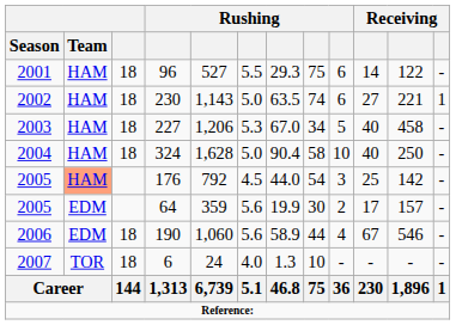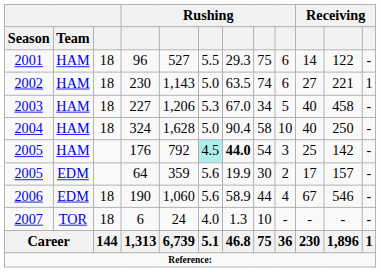 <table class="wikitable" style="text-align:center">
 <tr>
 <th colspan="3"> </th>
 <th colspan="6">Rushing</th>
 <th colspan="3">Receiving</th>
 </tr>
 <tr>
 <th>Season</th>
 <th>Team</th>
 <th></th>
 <th></th>
 <th></th>
 <th></th>
 <th></th>
 <th></th>
 <th></th>
 <th></th>
 <th></th>
 <th></th>
 </tr>
 <tr>
 <td><a href='#'>2001</a></td>
 <td><a href='#'>HAM</a></td>
 <td>18</td>
 <td>96</td>
 <td>527</td>
 <td>5.5</td>
 <td>29.3</td>
 <td>75</td>
 <td>6</td>
 <td>14</td>
 <td>122</td>
 <td>-</td>
 </tr>
 <tr>
 <td><a href='#'>2002</a></td>
 <td><a href='#'>HAM</a></td>
 <td>18</td>
 <td>230</td>
 <td>1,143</td>
 <td>5.0</td>
 <td>63.5</td>
 <td>74</td>
 <td>6</td>
 <td>27</td>
 <td>221</td>
 <td>1</td>
 </tr>
 <tr>
 <td><a href='#'>2003</a></td>
 <td><a href='#'>HAM</a></td>
 <td>18</td>
 <td>227</td>
 <td>1,206</td>
 <td>5.3</td>
 <td>67.0</td>
 <td>34</td>
 <td>5</td>
 <td>40</td>
 <td>458</td>
 <td>-</td>
 </tr>
 <tr>
 <td><a href='#'>2004</a></td>
 <td><a href='#'>HAM</a></td>
 <td>18</td>
 <td>324</td>
 <td>1,628</td>
 <td>5.0</td>
 <td>90.4</td>
 <td>58</td>
 <td>10</td>
 <td>40</td>
 <td>250</td>
 <td>-</td>
 </tr>
 <tr>
 <td><a href='#'>2005</a></td>
-<td style="background: lightsalmon;"><a href='#'>HAM</a></td>
+<td><a href='#'>HAM</a></td>
 <td></td>
 <td>176</td>
 <td>792</td>
-<td>4.5</td>
-<td>44.0</td>
+<td style="background: paleturquoise;">4.5</td>
+<td><strong>44.0</strong></td>
 <td>54</td>
 <td>3</td>
 <td>25</td>
 <td>142</td>
 <td>-</td>
 </tr>
 <tr>
 <td><a href='#'>2005</a></td>
 <td><a href='#'>EDM</a></td>
 <td></td>
 <td>64</td>
 <td>359</td>
 <td>5.6</td>
 <td>19.9</td>
 <td>30</td>
 <td>2</td>
 <td>17</td>
 <td>157</td>
 <td>-</td>
 </tr>
 <tr>
 <td><a href='#'>2006</a></td>
 <td><a href='#'>EDM</a></td>
 <td>18</td>
 <td>190</td>
 <td>1,060</td>
 <td>5.6</td>
 <td>58.9</td>
 <td>44</td>
 <td>4</td>
 <td>67</td>
 <td>546</td>
 <td>-</td>
 </tr>
 <tr>
 <td><a href='#'>2007</a></td>
 <td><a href='#'>TOR</a></td>
 <td>18</td>
 <td>6</td>
 <td>24</td>
 <td>4.0</td>
 <td>1.3</td>
 <td>10</td>
 <td>-</td>
 <td>-</td>
 <td>-</td>
 <td>-</td>
 </tr>
 <tr class="sortbottom" style="background:#eee;">
 <th colspan="2">Career</th>
 <th>144</th>
 <th>1,313</th>
 <th>6,739</th>
 <th>5.1</th>
 <th>46.8</th>
 <th>75</th>
 <th>36</th>
 <th>230</th>
 <th>1,896</th>
 <th>1</th>
 </tr>
 <tr>
 <td colspan="12"  style="font-size:8pt; text-align:center;"><strong>Reference:</strong></td>
 </tr>
 </table>
